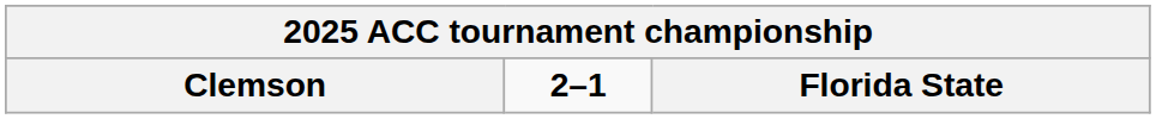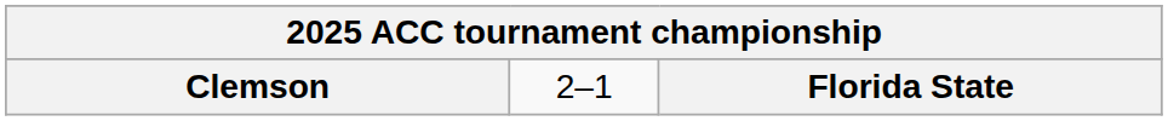 <table class="wikitable">
 <tr>
 <th style="width: 535px;" colspan=3>2025 ACC tournament championship</th>
 </tr>
 <tr>
 <th style="width: 219px; "><strong> Clemson</strong></th>
-<td style="width: 60px; text-align:center"><strong>2–1</strong></td>
+<td style="width: 60px; text-align:center">2–1</td>
 <th style="width: 219px; "> Florida State</th>
 </tr>
 </table>
